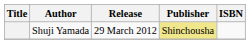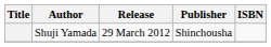 <table class=wikitable style="font-size:small">
 <tr>
 <th>Title</th>
 <th>Author</th>
 <th>Release</th>
 <th>Publisher</th>
 <th>ISBN</th>
 </tr>
 <tr>
 <th></th>
 <td>Shuji Yamada</td>
 <td>29 March 2012</td>
-<td style="background: khaki;">Shinchousha</td>
+<td>Shinchousha</td>
 <td></td>
 </tr>
 <tr>
 </tr>
 </table>
